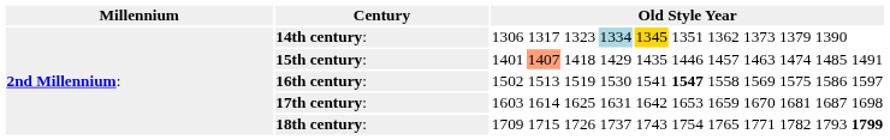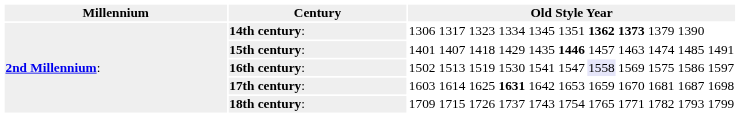 <table>
 <tr style="background-color:#efefef;">
 <th>Millennium</th>
 <th>Century</th>
 <th align="center" colspan="11">Old Style Year</th>
 </tr>
 <tr>
 <td style="background-color:#efefef;" rowspan="5"><strong><a href='#'>2nd Millennium</a></strong>:</td>
 <td style="background-color:#efefef;"><strong>14th century</strong>:</td>
 <td width="3%">1306</td>
 <td width="3%">1317</td>
 <td width="3%">1323</td>
-<td width="3%" style="background: lightblue;">1334</td>
-<td width="3%" style="background: gold;">1345</td>
+<td width="3%">1334</td>
+<td width="3%">1345</td>
 <td width="3%">1351</td>
-<td width="3%">1362</td>
-<td width="3%">1373</td>
+<td width="3%"><strong>1362</strong></td>
+<td width="3%"><strong>1373</strong></td>
 <td width="3%">1379</td>
 <td width="3%">1390</td>
 </tr>
 <tr>
 <td style="background-color:#efefef;"><strong>15th century</strong>:</td>
 <td width="3%">1401</td>
-<td width="3%" style="background: lightsalmon;">1407</td>
+<td width="3%">1407</td>
 <td width="3%">1418</td>
 <td width="3%">1429</td>
 <td width="3%">1435</td>
-<td width="3%">1446</td>
+<td width="3%"><strong>1446</strong></td>
 <td width="3%">1457</td>
 <td width="3%">1463</td>
 <td width="3%">1474</td>
 <td width="3%">1485</td>
 <td width="3%">1491</td>
 </tr>
 <tr>
 <td style="background-color:#efefef;"><strong>16th century</strong>:</td>
 <td width="3%">1502</td>
 <td width="3%">1513</td>
 <td width="3%">1519</td>
 <td width="3%">1530</td>
 <td width="3%">1541</td>
-<td width="3%"><strong>1547</strong></td>
-<td width="3%">1558</td>
+<td width="3%">1547</td>
+<td width="3%" style="background: lavender;">1558</td>
 <td width="3%">1569</td>
 <td width="3%">1575</td>
 <td width="3%">1586</td>
 <td width="3%">1597</td>
 </tr>
 <tr>
 <td style="background-color:#efefef;"><strong>17th century</strong>:</td>
 <td width="3%">1603</td>
 <td width="3%">1614</td>
 <td width="3%">1625</td>
-<td width="3%">1631</td>
+<td width="3%"><strong>1631</strong></td>
 <td width="3%">1642</td>
 <td width="3%">1653</td>
 <td width="3%">1659</td>
 <td width="3%">1670</td>
 <td width="3%">1681</td>
 <td width="3%">1687</td>
 <td width="3%">1698</td>
 </tr>
 <tr>
 <td style="background-color:#efefef;"><strong>18th century</strong>:</td>
 <td width="3%">1709</td>
 <td width="3%">1715</td>
 <td width="3%">1726</td>
 <td width="3%">1737</td>
 <td width="3%">1743</td>
 <td width="3%">1754</td>
 <td width="3%">1765</td>
 <td width="3%">1771</td>
 <td width="3%">1782</td>
 <td width="3%">1793</td>
-<td width="3%"><strong>1799</strong></td>
+<td width="3%">1799</td>
 </tr>
 </table>
